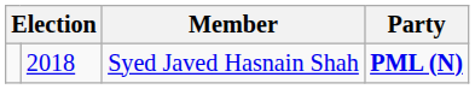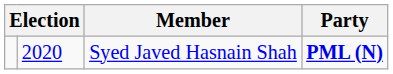 <table class="wikitable">
 <tr>
 <th colspan="2">Election</th>
 <th>Member</th>
 <th>Party</th>
 </tr>
 <tr>
 <td style="background-color: "></td>
-<td><a href='#'>2018</a></td>
+<td><a href='#'>2020</a></td>
 <td><a href='#'>Syed Javed Hasnain Shah</a></td>
 <td><strong><a href='#'>PML (N)</a></strong></td>
 </tr>
 </table>
